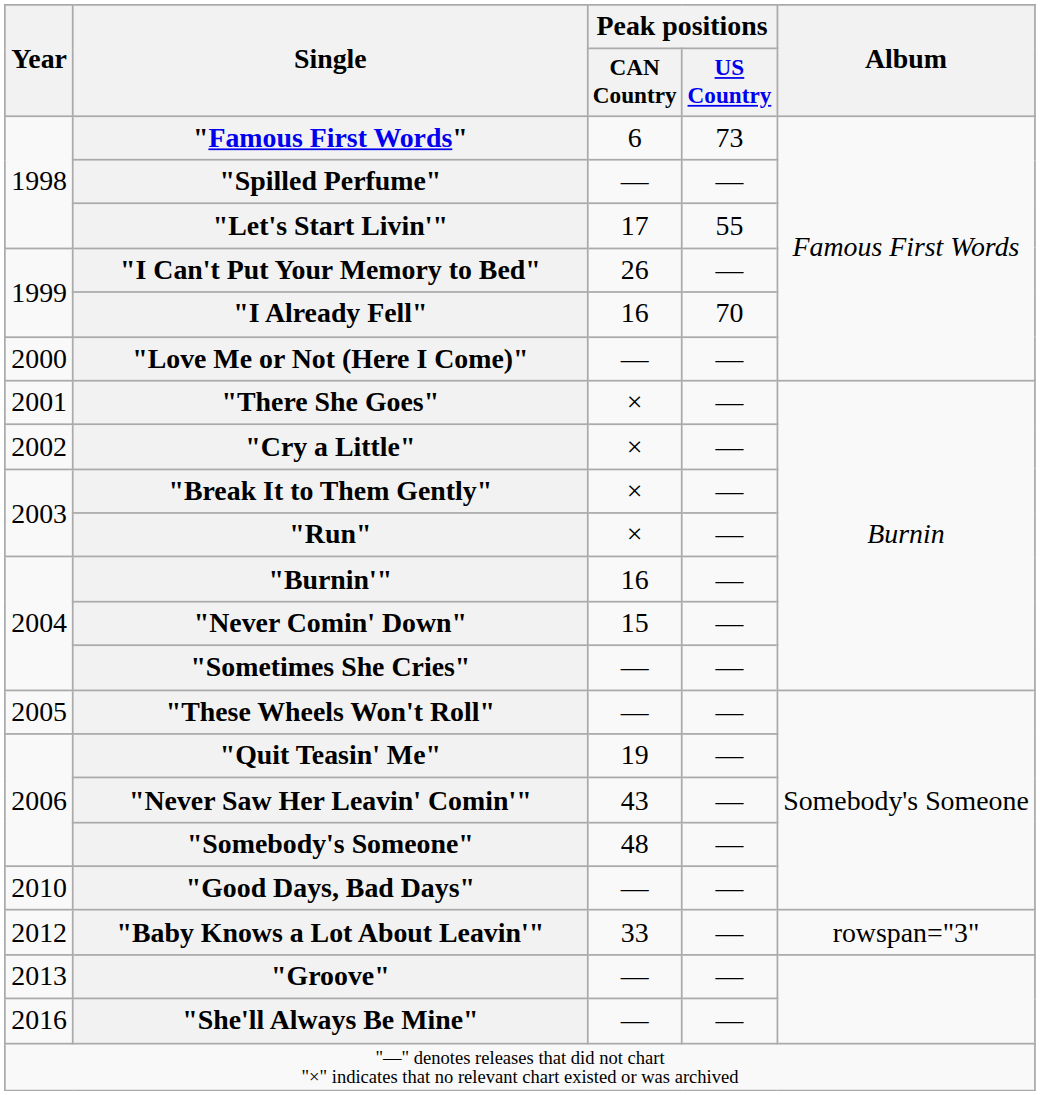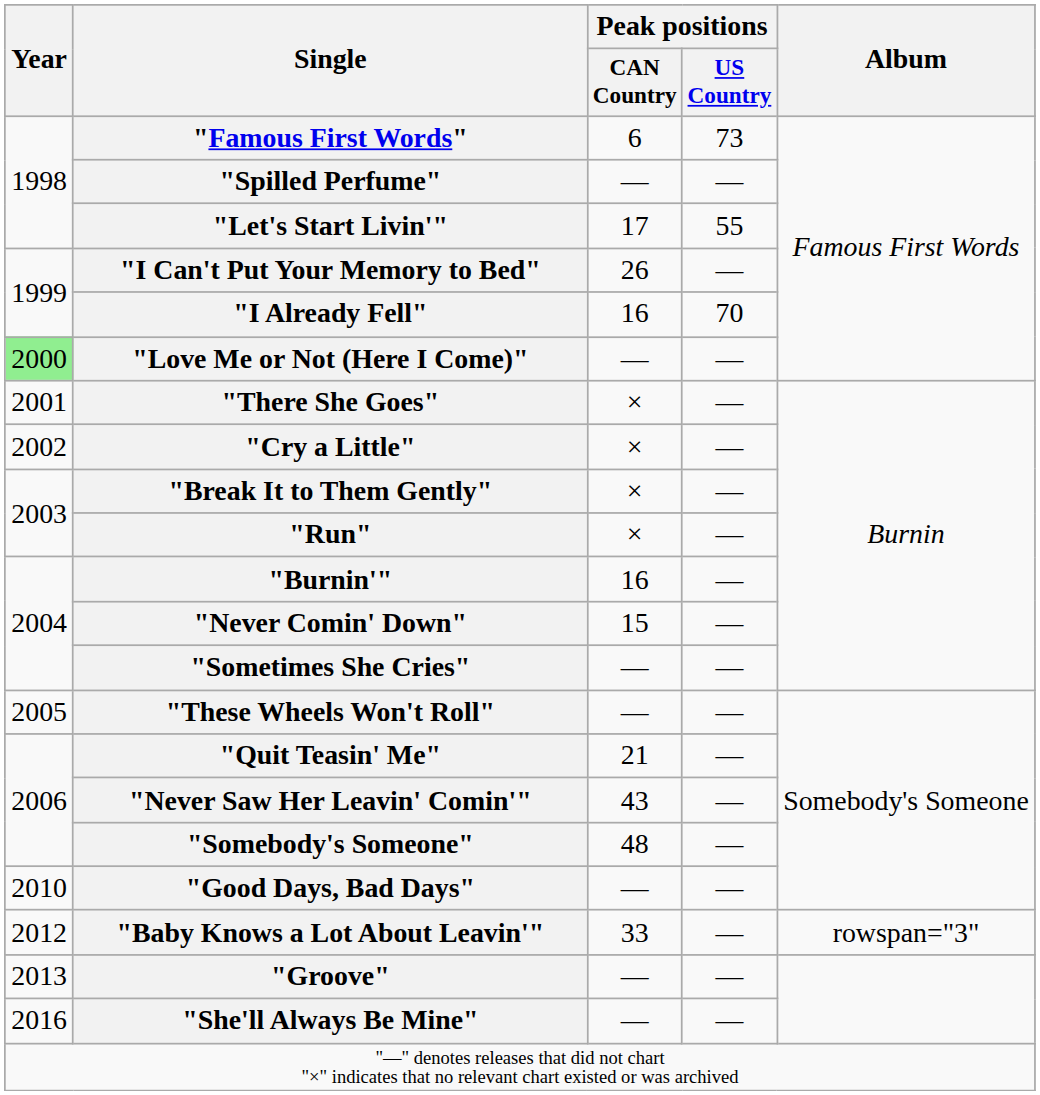 <table class="wikitable plainrowheaders" style="text-align:center;">
 <tr>
 <th rowspan="2">Year</th>
 <th rowspan="2" style="width:18em;">Single</th>
 <th colspan="2">Peak positions</th>
 <th rowspan="2">Album</th>
 </tr>
 <tr style="font-size:smaller;">
 <th width="45">CAN Country<br></th>
 <th width="45"><a href='#'>US Country</a><br></th>
 </tr>
 <tr>
 <td rowspan="3">1998</td>
 <th scope="row">"<a href='#'>Famous First Words</a>"</th>
 <td>6</td>
 <td>73</td>
 <td rowspan="6"><em>Famous First Words</em></td>
 </tr>
 <tr>
 <th scope="row">"Spilled Perfume"</th>
 <td>—</td>
 <td>—</td>
 </tr>
 <tr>
 <th scope="row">"Let's Start Livin'"</th>
 <td>17</td>
 <td>55</td>
 </tr>
 <tr>
 <td rowspan="2">1999</td>
 <th scope="row">"I Can't Put Your Memory to Bed"</th>
 <td>26</td>
 <td>—</td>
 </tr>
 <tr>
 <th scope="row">"I Already Fell"</th>
 <td>16</td>
 <td>70</td>
 </tr>
 <tr>
-<td>2000</td>
+<td style="background: lightgreen;">2000</td>
 <th scope="row">"Love Me or Not (Here I Come)"</th>
 <td>—</td>
 <td>—</td>
 </tr>
 <tr>
 <td>2001</td>
 <th scope="row">"There She Goes"</th>
 <td>×</td>
 <td>—</td>
 <td rowspan="7"><em>Burnin<strong></td>
 </tr>
 <tr>
 <td>2002</td>
 <th scope="row">"Cry a Little"</th>
 <td>×</td>
 <td>—</td>
 </tr>
 <tr>
 <td rowspan="2">2003</td>
 <th scope="row">"Break It to Them Gently"</th>
 <td>×</td>
 <td>—</td>
 </tr>
 <tr>
 <th scope="row">"Run"</th>
 <td>×</td>
 <td>—</td>
 </tr>
 <tr>
 <td rowspan="3">2004</td>
 <th scope="row">"Burnin'"</th>
 <td>16</td>
 <td>—</td>
 </tr>
 <tr>
 <th scope="row">"Never Comin' Down"</th>
 <td>15</td>
 <td>—</td>
 </tr>
 <tr>
 <th scope="row">"Sometimes She Cries"</th>
 <td>—</td>
 <td>—</td>
 </tr>
 <tr>
 <td>2005</td>
 <th scope="row">"These Wheels Won't Roll"</th>
 <td>—</td>
 <td>—</td>
 <td rowspan="5"></em>Somebody's Someone<em></td>
 </tr>
 <tr>
 <td rowspan="3">2006</td>
 <th scope="row">"Quit Teasin' Me"</th>
-<td>19</td>
+<td>21</td>
 <td>—</td>
 </tr>
 <tr>
 <th scope="row">"Never Saw Her Leavin' Comin'"</th>
 <td>43</td>
 <td>—</td>
 </tr>
 <tr>
 <th scope="row">"Somebody's Someone"</th>
 <td>48</td>
 <td>—</td>
 </tr>
 <tr>
 <td>2010</td>
 <th scope="row">"Good Days, Bad Days"</th>
 <td>—</td>
 <td>—</td>
 </tr>
 <tr>
 <td>2012</td>
 <th scope="row">"Baby Knows a Lot About Leavin'"</th>
 <td>33</td>
 <td>—</td>
 <td>rowspan="3" </td>
 </tr>
 <tr>
 <td>2013</td>
 <th scope="row">"Groove"</th>
 <td>—</td>
 <td>—</td>
 </tr>
 <tr>
 <td>2016</td>
 <th scope="row">"She'll Always Be Mine"</th>
 <td>—</td>
 <td>—</td>
 </tr>
 <tr>
 <td colspan="5" style="font-size:8pt">"—" denotes releases that did not chart<br>"×" indicates that no relevant chart existed or was archived</td>
 </tr>
 </table>
